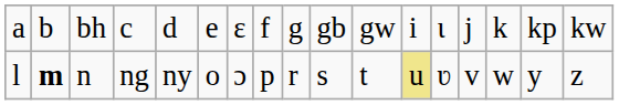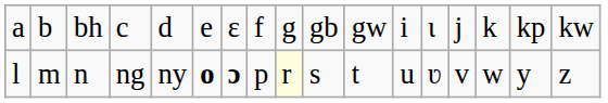 <table class="wikitable">
 <tr>
 <td>a</td>
 <td>b</td>
 <td>bh</td>
 <td>c</td>
 <td>d</td>
 <td>e</td>
 <td>ɛ</td>
 <td>f</td>
 <td>g</td>
 <td>gb</td>
 <td>gw</td>
 <td>i</td>
 <td>ɩ</td>
 <td>j</td>
 <td>k</td>
 <td>kp</td>
 <td>kw</td>
 </tr>
 <tr>
 <td>l</td>
-<td><strong>m</strong></td>
+<td>m</td>
 <td>n</td>
 <td>ng</td>
 <td>ny</td>
-<td>o</td>
-<td>ɔ</td>
+<td><strong>o</strong></td>
+<td><strong>ɔ</strong></td>
 <td>p</td>
-<td>r</td>
+<td style="background: lightyellow;">r</td>
 <td>s</td>
 <td>t</td>
-<td style="background: khaki;">u</td>
+<td>u</td>
 <td>ʋ</td>
 <td>v</td>
 <td>w</td>
 <td>y</td>
 <td>z</td>
 </tr>
 </table>
